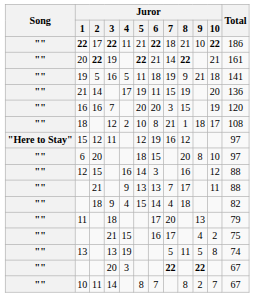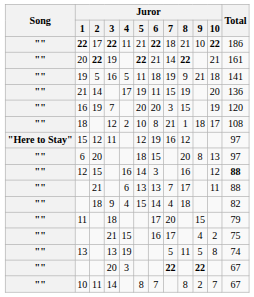 <table class="wikitable collapsible plainrowheaders" style="margin: 1em auto 1em auto; text-align:center">
 <tr>
 <th rowspan="2">Song</th>
 <th colspan="10">Juror</th>
 <th rowspan="2">Total</th>
 </tr>
 <tr>
 <th>1</th>
 <th>2</th>
 <th>3</th>
 <th>4</th>
 <th>5</th>
 <th>6</th>
 <th>7</th>
 <th>8</th>
 <th>9</th>
 <th>10</th>
 </tr>
 <tr>
 <th scope="row">""</th>
 <td><strong>22</strong></td>
 <td>17</td>
 <td><strong>22</strong></td>
 <td>11</td>
 <td>21</td>
 <td><strong>22</strong></td>
 <td>18</td>
 <td>21</td>
 <td>10</td>
 <td><strong>22</strong></td>
 <td>186</td>
 </tr>
 <tr>
 <th scope="row">""</th>
 <td>20</td>
 <td><strong>22</strong></td>
 <td>19</td>
 <td></td>
 <td><strong>22</strong></td>
 <td>21</td>
 <td>14</td>
 <td><strong>22</strong></td>
 <td></td>
 <td>21</td>
 <td>161</td>
 </tr>
 <tr>
 <th scope="row">""</th>
 <td>19</td>
 <td>5</td>
 <td>16</td>
 <td>5</td>
 <td>11</td>
 <td>18</td>
 <td>19</td>
 <td>9</td>
 <td>21</td>
 <td>18</td>
 <td>141</td>
 </tr>
 <tr>
 <th scope="row">""</th>
 <td>21</td>
 <td>14</td>
 <td></td>
 <td>17</td>
 <td>19</td>
 <td>11</td>
 <td>15</td>
 <td>19</td>
 <td></td>
 <td>20</td>
 <td>136</td>
 </tr>
 <tr>
 <th scope="row">""</th>
 <td>16</td>
-<td>16</td>
+<td>19</td>
 <td>7</td>
 <td></td>
 <td>20</td>
 <td>20</td>
 <td>3</td>
 <td>15</td>
 <td></td>
 <td>19</td>
 <td>120</td>
 </tr>
 <tr>
 <th scope="row">""</th>
 <td>18</td>
 <td></td>
 <td>12</td>
 <td>2</td>
 <td>10</td>
 <td>8</td>
 <td>21</td>
 <td>1</td>
 <td>18</td>
 <td>17</td>
 <td>108</td>
 </tr>
 <tr>
 <th scope="row">"Here to Stay"</th>
 <td>15</td>
 <td>12</td>
 <td>11</td>
 <td></td>
 <td>12</td>
 <td>19</td>
 <td>16</td>
 <td>12</td>
 <td></td>
 <td></td>
 <td>97</td>
 </tr>
 <tr>
 <th scope="row">""</th>
 <td>6</td>
 <td>20</td>
 <td></td>
 <td></td>
 <td>18</td>
 <td>15</td>
 <td></td>
 <td>20</td>
 <td>8</td>
-<td>10</td>
+<td>13</td>
 <td>97</td>
 </tr>
 <tr>
 <th scope="row">""</th>
 <td>12</td>
 <td>15</td>
 <td></td>
 <td>16</td>
 <td>14</td>
 <td>3</td>
 <td></td>
 <td>16</td>
 <td></td>
 <td>12</td>
-<td>88</td>
+<td><strong>88</strong></td>
 </tr>
 <tr>
 <th scope="row">""</th>
 <td></td>
 <td>21</td>
 <td></td>
-<td>9</td>
+<td>6</td>
 <td>13</td>
 <td>13</td>
 <td>7</td>
 <td>17</td>
 <td></td>
 <td>11</td>
 <td>88</td>
 </tr>
 <tr>
 <th scope="row">""</th>
 <td></td>
 <td>18</td>
 <td>9</td>
 <td>4</td>
 <td>15</td>
 <td>14</td>
 <td>4</td>
 <td>18</td>
 <td></td>
 <td></td>
 <td>82</td>
 </tr>
 <tr>
 <th scope="row">""</th>
 <td>11</td>
 <td></td>
 <td>18</td>
 <td></td>
 <td></td>
 <td>17</td>
 <td>20</td>
 <td></td>
-<td>13</td>
+<td>15</td>
 <td></td>
 <td>79</td>
 </tr>
 <tr>
 <th scope="row">""</th>
 <td></td>
 <td></td>
 <td>21</td>
 <td>15</td>
 <td></td>
 <td>16</td>
 <td>17</td>
 <td></td>
 <td>4</td>
 <td>2</td>
 <td>75</td>
 </tr>
 <tr>
 <th scope="row">""</th>
 <td>13</td>
 <td></td>
 <td>13</td>
 <td>19</td>
 <td></td>
 <td></td>
 <td>5</td>
 <td>11</td>
 <td>5</td>
 <td>8</td>
 <td>74</td>
 </tr>
 <tr>
 <th scope="row">""</th>
 <td></td>
 <td></td>
 <td>20</td>
 <td>3</td>
 <td></td>
 <td></td>
 <td><strong>22</strong></td>
 <td></td>
 <td><strong>22</strong></td>
 <td></td>
 <td>67</td>
 </tr>
 <tr>
 <th scope="row">""</th>
 <td>10</td>
 <td>11</td>
 <td>14</td>
 <td></td>
 <td>8</td>
 <td>7</td>
 <td></td>
 <td>8</td>
 <td>2</td>
 <td>7</td>
 <td>67</td>
 </tr>
 </table>
